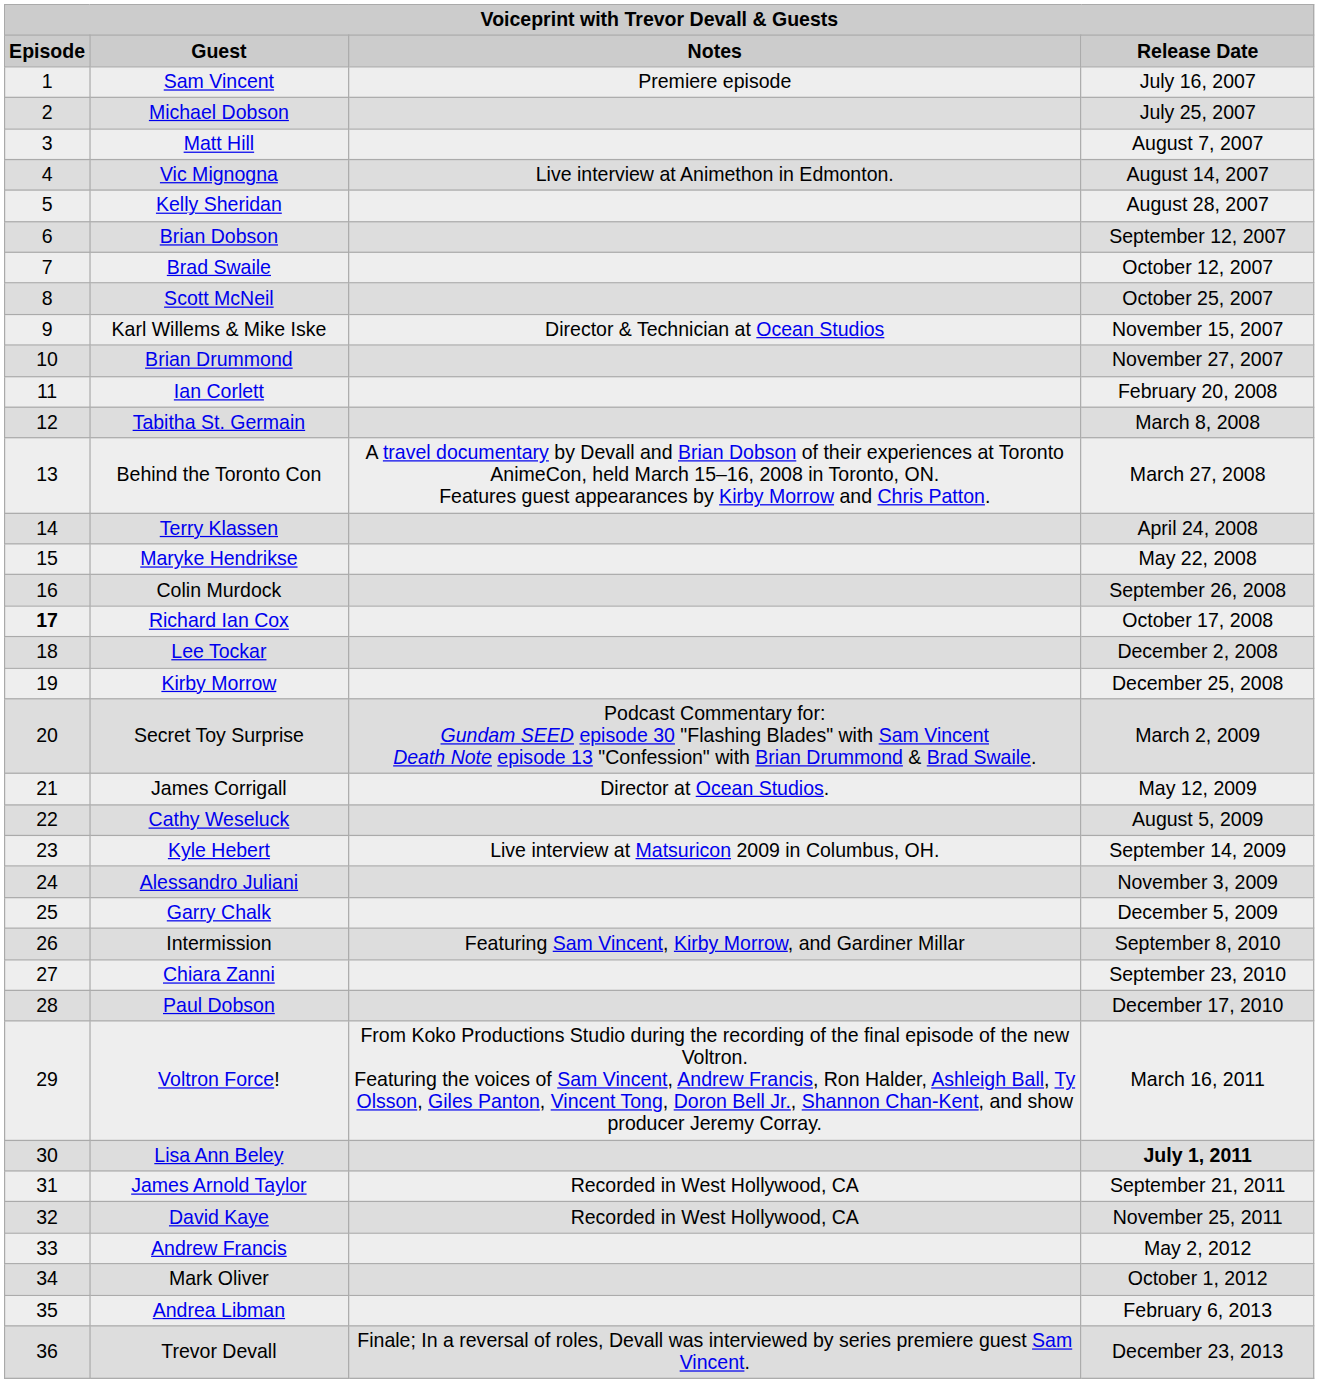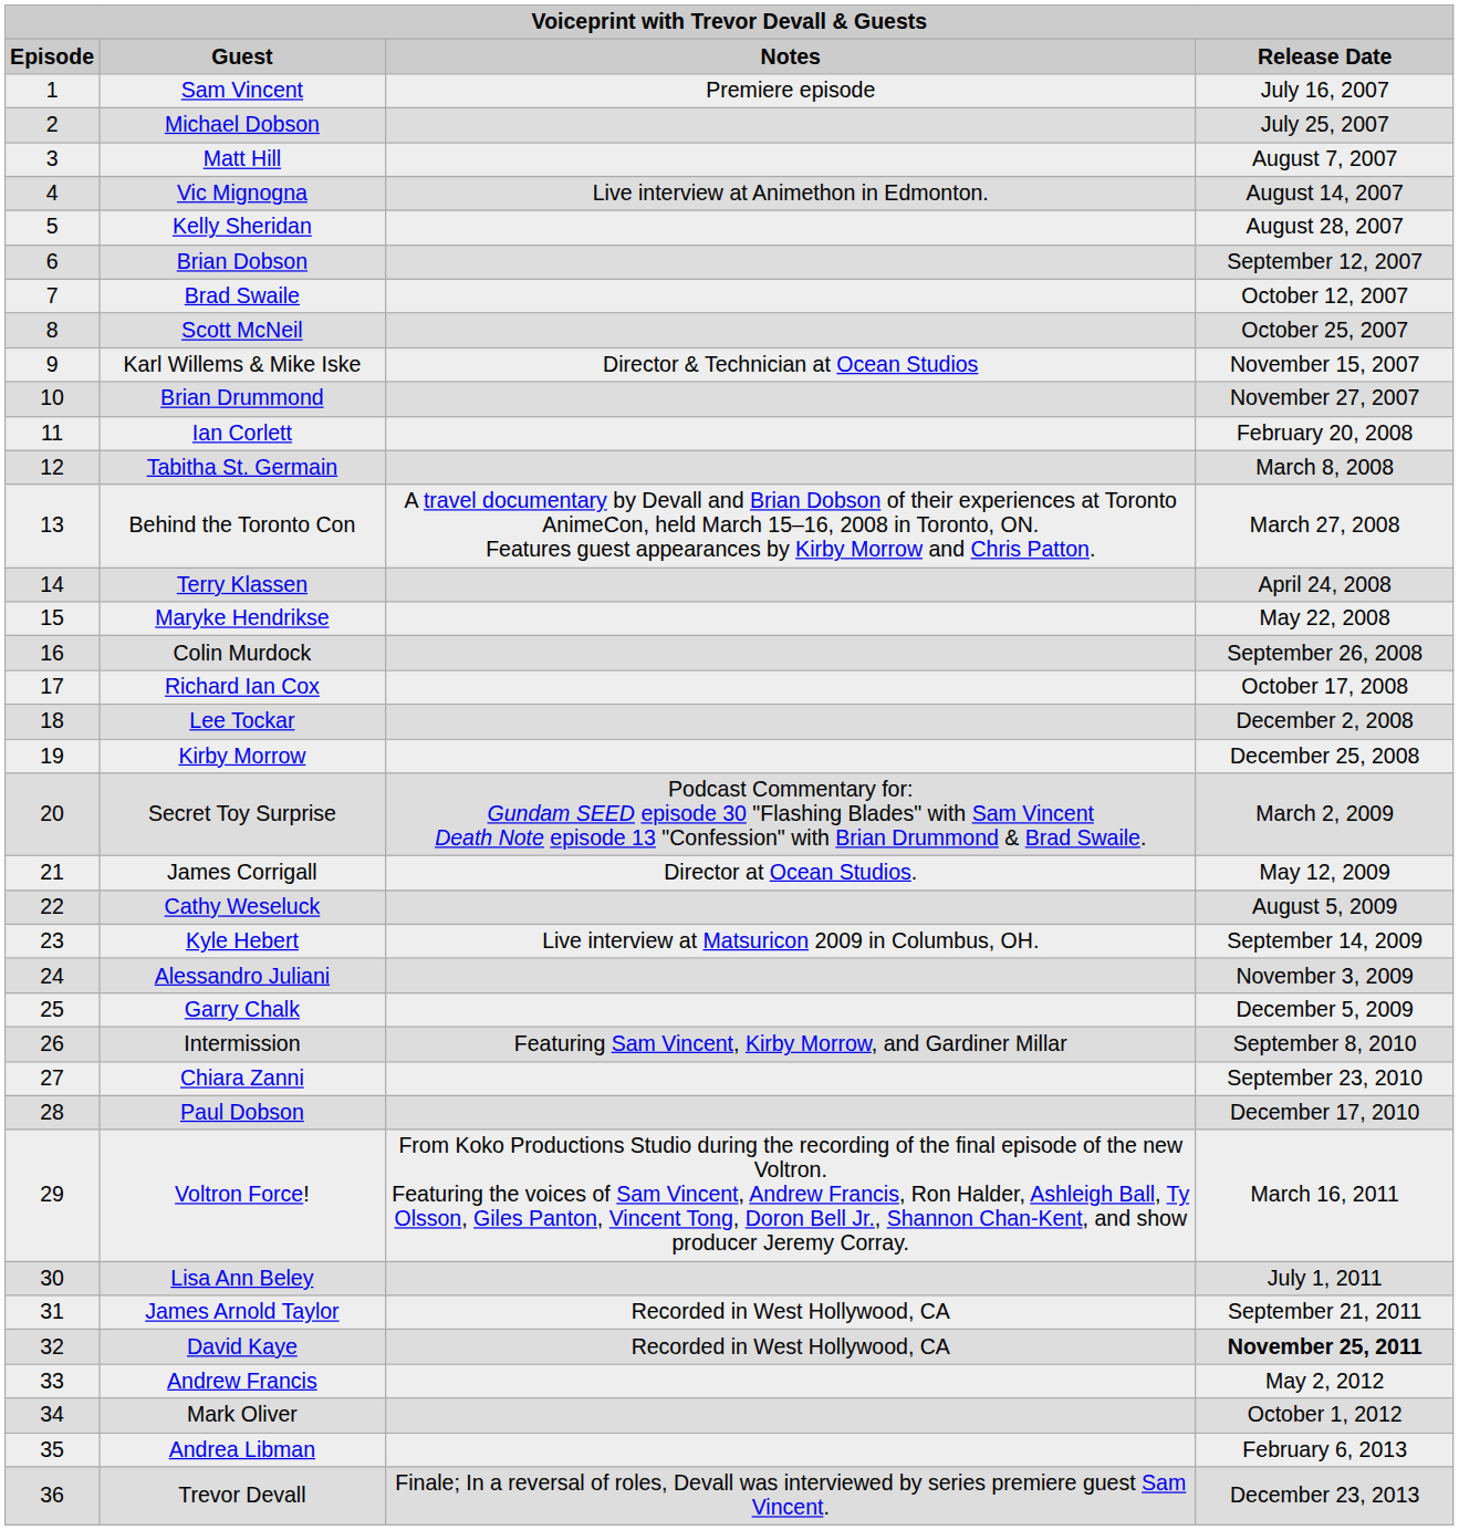 <table class="wikitable" width="85%">
 <tr>
 <th colspan="4" style="background-color: #CCCCCC;">Voiceprint with Trevor Devall & Guests</th>
 </tr>
 <tr>
 <th width="5%" style="background-color: #CCCCCC;">Episode</th>
 <th width="20%" style="background-color: #CCCCCC;">Guest</th>
 <th width="57%" style="background-color: #CCCCCC;">Notes</th>
 <th width="18%" style="background-color: #CCCCCC;">Release Date</th>
 </tr>
 <tr>
 <td align="center" style="background-color: #EEEEEE;">1</td>
 <td align="center" style="background-color: #EEEEEE;"><a href='#'>Sam Vincent</a></td>
 <td align="center" style="background-color: #EEEEEE;">Premiere episode</td>
 <td align="center" style="background-color: #EEEEEE;">July 16, 2007</td>
 </tr>
 <tr>
 <td align="center" style="background-color: #DDDDDD;">2</td>
 <td align="center" style="background-color: #DDDDDD;"><a href='#'>Michael Dobson</a></td>
 <td align="center" style="background-color: #DDDDDD;"></td>
 <td align="center" style="background-color: #DDDDDD;">July 25, 2007</td>
 </tr>
 <tr>
 <td align="center" style="background-color: #EEEEEE;">3</td>
 <td align="center" style="background-color: #EEEEEE;"><a href='#'>Matt Hill</a></td>
 <td align="center" style="background-color: #EEEEEE;"></td>
 <td align="center" style="background-color: #EEEEEE;">August 7, 2007</td>
 </tr>
 <tr>
 <td align="center" style="background-color: #DDDDDD;">4</td>
 <td align="center" style="background-color: #DDDDDD;"><a href='#'>Vic Mignogna</a></td>
 <td align="center" style="background-color: #DDDDDD;">Live interview at Animethon in Edmonton.</td>
 <td align="center" style="background-color: #DDDDDD;">August 14, 2007</td>
 </tr>
 <tr>
 <td align="center" style="background-color: #EEEEEE;">5</td>
 <td align="center" style="background-color: #EEEEEE;"><a href='#'>Kelly Sheridan</a></td>
 <td align="center" style="background-color: #EEEEEE;"></td>
 <td align="center" style="background-color: #EEEEEE;">August 28, 2007</td>
 </tr>
 <tr>
 <td align="center" style="background-color: #DDDDDD;">6</td>
 <td align="center" style="background-color: #DDDDDD;"><a href='#'>Brian Dobson</a></td>
 <td align="center" style="background-color: #DDDDDD;"></td>
 <td align="center" style="background-color: #DDDDDD;">September 12, 2007</td>
 </tr>
 <tr>
 <td align="center" style="background-color: #EEEEEE;">7</td>
 <td align="center" style="background-color: #EEEEEE;"><a href='#'>Brad Swaile</a></td>
 <td align="center" style="background-color: #EEEEEE;"></td>
 <td align="center" style="background-color: #EEEEEE;">October 12, 2007</td>
 </tr>
 <tr>
 <td align="center" style="background-color: #DDDDDD;">8</td>
 <td align="center" style="background-color: #DDDDDD;"><a href='#'>Scott McNeil</a></td>
 <td align="center" style="background-color: #DDDDDD;"></td>
 <td align="center" style="background-color: #DDDDDD;">October 25, 2007</td>
 </tr>
 <tr>
 <td align="center" style="background-color: #EEEEEE;">9</td>
 <td align="center" style="background-color: #EEEEEE;">Karl Willems & Mike Iske</td>
 <td align="center" style="background-color: #EEEEEE;">Director & Technician at <a href='#'>Ocean Studios</a></td>
 <td align="center" style="background-color: #EEEEEE;">November 15, 2007</td>
 </tr>
 <tr>
 <td align="center" style="background-color: #DDDDDD;">10</td>
 <td align="center" style="background-color: #DDDDDD;"><a href='#'>Brian Drummond</a></td>
 <td align="center" style="background-color: #DDDDDD;"></td>
 <td align="center" style="background-color: #DDDDDD;">November 27, 2007</td>
 </tr>
 <tr>
 <td align="center" style="background-color: #EEEEEE;">11</td>
 <td align="center" style="background-color: #EEEEEE;"><a href='#'>Ian Corlett</a></td>
 <td align="center" style="background-color: #EEEEEE;"></td>
 <td align="center" style="background-color: #EEEEEE;">February 20, 2008</td>
 </tr>
 <tr>
 <td align="center" style="background-color: #DDDDDD;">12</td>
 <td align="center" style="background-color: #DDDDDD;"><a href='#'>Tabitha St. Germain</a></td>
 <td align="center" style="background-color: #DDDDDD;"></td>
 <td align="center" style="background-color: #DDDDDD;">March 8, 2008</td>
 </tr>
 <tr>
 <td align="center" style="background-color: #EEEEEE;">13</td>
 <td align="center" style="background-color: #EEEEEE;">Behind the Toronto Con</td>
 <td align="center" style="background-color: #EEEEEE;">A <a href='#'>travel documentary</a> by Devall and <a href='#'>Brian Dobson</a> of their experiences at Toronto AnimeCon, held March 15–16, 2008 in Toronto, ON.<br>Features guest appearances by <a href='#'>Kirby Morrow</a> and <a href='#'>Chris Patton</a>.</td>
 <td align="center" style="background-color: #EEEEEE;">March 27, 2008</td>
 </tr>
 <tr>
 <td align="center" style="background-color: #DDDDDD;">14</td>
 <td align="center" style="background-color: #DDDDDD;"><a href='#'>Terry Klassen</a></td>
 <td align="center" style="background-color: #DDDDDD;"></td>
 <td align="center" style="background-color: #DDDDDD;">April 24, 2008</td>
 </tr>
 <tr>
 <td align="center" style="background-color: #EEEEEE;">15</td>
 <td align="center" style="background-color: #EEEEEE;"><a href='#'>Maryke Hendrikse</a></td>
 <td align="center" style="background-color: #EEEEEE;"></td>
 <td align="center" style="background-color: #EEEEEE;">May 22, 2008</td>
 </tr>
 <tr>
 <td align="center" style="background-color: #DDDDDD;">16</td>
 <td align="center" style="background-color: #DDDDDD;">Colin Murdock</td>
 <td align="center" style="background-color: #DDDDDD;"></td>
 <td align="center" style="background-color: #DDDDDD;">September 26, 2008</td>
 </tr>
 <tr>
-<td align="center" style="background-color: #EEEEEE;"><strong>17</strong></td>
+<td align="center" style="background-color: #EEEEEE;">17</td>
 <td align="center" style="background-color: #EEEEEE;"><a href='#'>Richard Ian Cox</a></td>
 <td align="center" style="background-color: #EEEEEE;"></td>
 <td align="center" style="background-color: #EEEEEE;">October 17, 2008</td>
 </tr>
 <tr>
 <td align="center" style="background-color: #DDDDDD;">18</td>
 <td align="center" style="background-color: #DDDDDD;"><a href='#'>Lee Tockar</a></td>
 <td align="center" style="background-color: #DDDDDD;"></td>
 <td align="center" style="background-color: #DDDDDD;">December 2, 2008</td>
 </tr>
 <tr>
 <td align="center" style="background-color: #EEEEEE;">19</td>
 <td align="center" style="background-color: #EEEEEE;"><a href='#'>Kirby Morrow</a></td>
 <td align="center" style="background-color: #EEEEEE;"></td>
 <td align="center" style="background-color: #EEEEEE;">December 25, 2008</td>
 </tr>
 <tr>
 <td align="center" style="background-color: #DDDDDD;">20</td>
 <td align="center" style="background-color: #DDDDDD;">Secret Toy Surprise</td>
 <td align="center" style="background-color: #DDDDDD;">Podcast Commentary for:<br><em><a href='#'>Gundam SEED</a></em> <a href='#'>episode 30</a> "Flashing Blades" with <a href='#'>Sam Vincent</a><br><em><a href='#'>Death Note</a></em> <a href='#'>episode 13</a> "Confession" with <a href='#'>Brian Drummond</a> & <a href='#'>Brad Swaile</a>.</td>
 <td align="center" style="background-color: #DDDDDD;">March 2, 2009</td>
 </tr>
 <tr>
 <td align="center" style="background-color: #EEEEEE;">21</td>
 <td align="center" style="background-color: #EEEEEE;">James Corrigall</td>
 <td align="center" style="background-color: #EEEEEE;">Director at <a href='#'>Ocean Studios</a>.</td>
 <td align="center" style="background-color: #EEEEEE;">May 12, 2009</td>
 </tr>
 <tr>
 <td align="center" style="background-color: #DDDDDD;">22</td>
 <td align="center" style="background-color: #DDDDDD;"><a href='#'>Cathy Weseluck</a></td>
 <td align="center" style="background-color: #DDDDDD;"></td>
 <td align="center" style="background-color: #DDDDDD;">August 5, 2009</td>
 </tr>
 <tr>
 <td align="center" style="background-color: #EEEEEE;">23</td>
 <td align="center" style="background-color: #EEEEEE;"><a href='#'>Kyle Hebert</a></td>
 <td align="center" style="background-color: #EEEEEE;">Live interview at <a href='#'>Matsuricon</a> 2009 in Columbus, OH.</td>
 <td align="center" style="background-color: #EEEEEE;">September 14, 2009</td>
 </tr>
 <tr>
 <td align="center" style="background-color: #DDDDDD;">24</td>
 <td align="center" style="background-color: #DDDDDD;"><a href='#'>Alessandro Juliani</a></td>
 <td align="center" style="background-color: #DDDDDD;"></td>
 <td align="center" style="background-color: #DDDDDD;">November 3, 2009</td>
 </tr>
 <tr>
 <td align="center" style="background-color: #EEEEEE;">25</td>
 <td align="center" style="background-color: #EEEEEE;"><a href='#'>Garry Chalk</a></td>
 <td align="center" style="background-color: #EEEEEE;"></td>
 <td align="center" style="background-color: #EEEEEE;">December 5, 2009</td>
 </tr>
 <tr>
 <td align="center" style="background-color: #DDDDDD;">26</td>
 <td align="center" style="background-color: #DDDDDD;">Intermission</td>
 <td align="center" style="background-color: #DDDDDD;">Featuring <a href='#'>Sam Vincent</a>, <a href='#'>Kirby Morrow</a>, and Gardiner Millar</td>
 <td align="center" style="background-color: #DDDDDD;">September 8, 2010</td>
 </tr>
 <tr>
 <td align="center" style="background-color: #EEEEEE;">27</td>
 <td align="center" style="background-color: #EEEEEE;"><a href='#'>Chiara Zanni</a></td>
 <td align="center" style="background-color: #EEEEEE;"></td>
 <td align="center" style="background-color: #EEEEEE;">September 23, 2010</td>
 </tr>
 <tr>
 <td align="center" style="background-color: #DDDDDD;">28</td>
 <td align="center" style="background-color: #DDDDDD;"><a href='#'>Paul Dobson</a></td>
 <td align="center" style="background-color: #DDDDDD;"></td>
 <td align="center" style="background-color: #DDDDDD;">December 17, 2010</td>
 </tr>
 <tr>
 <td align="center" style="background-color: #EEEEEE;">29</td>
 <td align="center" style="background-color: #EEEEEE;"><a href='#'>Voltron Force</a>!</td>
 <td align="center" style="background-color: #EEEEEE;">From Koko Productions Studio during the recording of the final episode of the new Voltron.<br>Featuring the voices of <a href='#'>Sam Vincent</a>, <a href='#'>Andrew Francis</a>, Ron Halder, <a href='#'>Ashleigh Ball</a>, <a href='#'>Ty Olsson</a>, <a href='#'>Giles Panton</a>, <a href='#'>Vincent Tong</a>, <a href='#'>Doron Bell Jr.</a>, <a href='#'>Shannon Chan-Kent</a>, and show producer Jeremy Corray.</td>
 <td align="center" style="background-color: #EEEEEE;">March 16, 2011</td>
 </tr>
 <tr>
 <td align="center" style="background-color: #DDDDDD;">30</td>
 <td align="center" style="background-color: #DDDDDD;"><a href='#'>Lisa Ann Beley</a></td>
 <td align="center" style="background-color: #DDDDDD;"></td>
-<td align="center" style="background-color: #DDDDDD;"><strong>July 1, 2011</strong></td>
+<td align="center" style="background-color: #DDDDDD;">July 1, 2011</td>
 </tr>
 <tr>
 <td align="center" style="background-color: #EEEEEE;">31</td>
 <td align="center" style="background-color: #EEEEEE;"><a href='#'>James Arnold Taylor</a></td>
 <td align="center" style="background-color: #EEEEEE;">Recorded in West Hollywood, CA</td>
 <td align="center" style="background-color: #EEEEEE;">September 21, 2011</td>
 </tr>
 <tr>
 <td align="center" style="background-color: #DDDDDD;">32</td>
 <td align="center" style="background-color: #DDDDDD;"><a href='#'>David Kaye</a></td>
 <td align="center" style="background-color: #DDDDDD;">Recorded in West Hollywood, CA</td>
-<td align="center" style="background-color: #DDDDDD;">November 25, 2011</td>
+<td align="center" style="background-color: #DDDDDD;"><strong>November 25, 2011</strong></td>
 </tr>
 <tr>
 <td align="center" style="background-color: #EEEEEE;">33</td>
 <td align="center" style="background-color: #EEEEEE;"><a href='#'>Andrew Francis</a></td>
 <td align="center" style="background-color: #EEEEEE;"></td>
 <td align="center" style="background-color: #EEEEEE;">May 2, 2012</td>
 </tr>
 <tr>
 <td align="center" style="background-color: #DDDDDD;">34</td>
 <td align="center" style="background-color: #DDDDDD;">Mark Oliver</td>
 <td align="center" style="background-color: #DDDDDD;"></td>
 <td align="center" style="background-color: #DDDDDD;">October 1, 2012</td>
 </tr>
 <tr>
 <td align="center" style="background-color: #EEEEEE;">35</td>
 <td align="center" style="background-color: #EEEEEE;"><a href='#'>Andrea Libman</a></td>
 <td align="center" style="background-color: #EEEEEE;"></td>
 <td align="center" style="background-color: #EEEEEE;">February 6, 2013</td>
 </tr>
 <tr>
 <td align="center" style="background-color: #DDDDDD;">36</td>
 <td align="center" style="background-color: #DDDDDD;">Trevor Devall</td>
 <td align="center" style="background-color: #DDDDDD;">Finale; In a reversal of roles, Devall was interviewed by series premiere guest <a href='#'>Sam Vincent</a>.</td>
 <td align="center" style="background-color: #DDDDDD;">December 23, 2013</td>
 </tr>
 </table>
